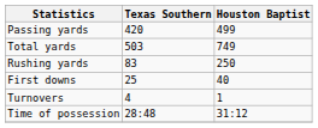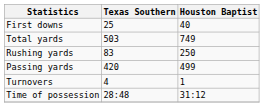 <table class="wikitable">
 <tr>
 <th>Statistics</th>
 <th>Texas Southern</th>
 <th>Houston Baptist</th>
 </tr>
 <tr>
-<td>Passing yards</td>
-<td>420</td>
-<td>499</td>
+<td>First downs</td>
+<td>25</td>
+<td>40</td>
 </tr>
 <tr>
 <td>Total yards</td>
 <td>503</td>
 <td>749</td>
 </tr>
 <tr>
 <td>Rushing yards</td>
 <td>83</td>
 <td>250</td>
 </tr>
 <tr>
-<td>First downs</td>
-<td>25</td>
-<td>40</td>
+<td>Passing yards</td>
+<td>420</td>
+<td>499</td>
 </tr>
 <tr>
 <td>Turnovers</td>
 <td>4</td>
 <td>1</td>
 </tr>
 <tr>
 <td>Time of possession</td>
 <td>28:48</td>
 <td>31:12</td>
 </tr>
 <tr>
 </tr>
 </table>
